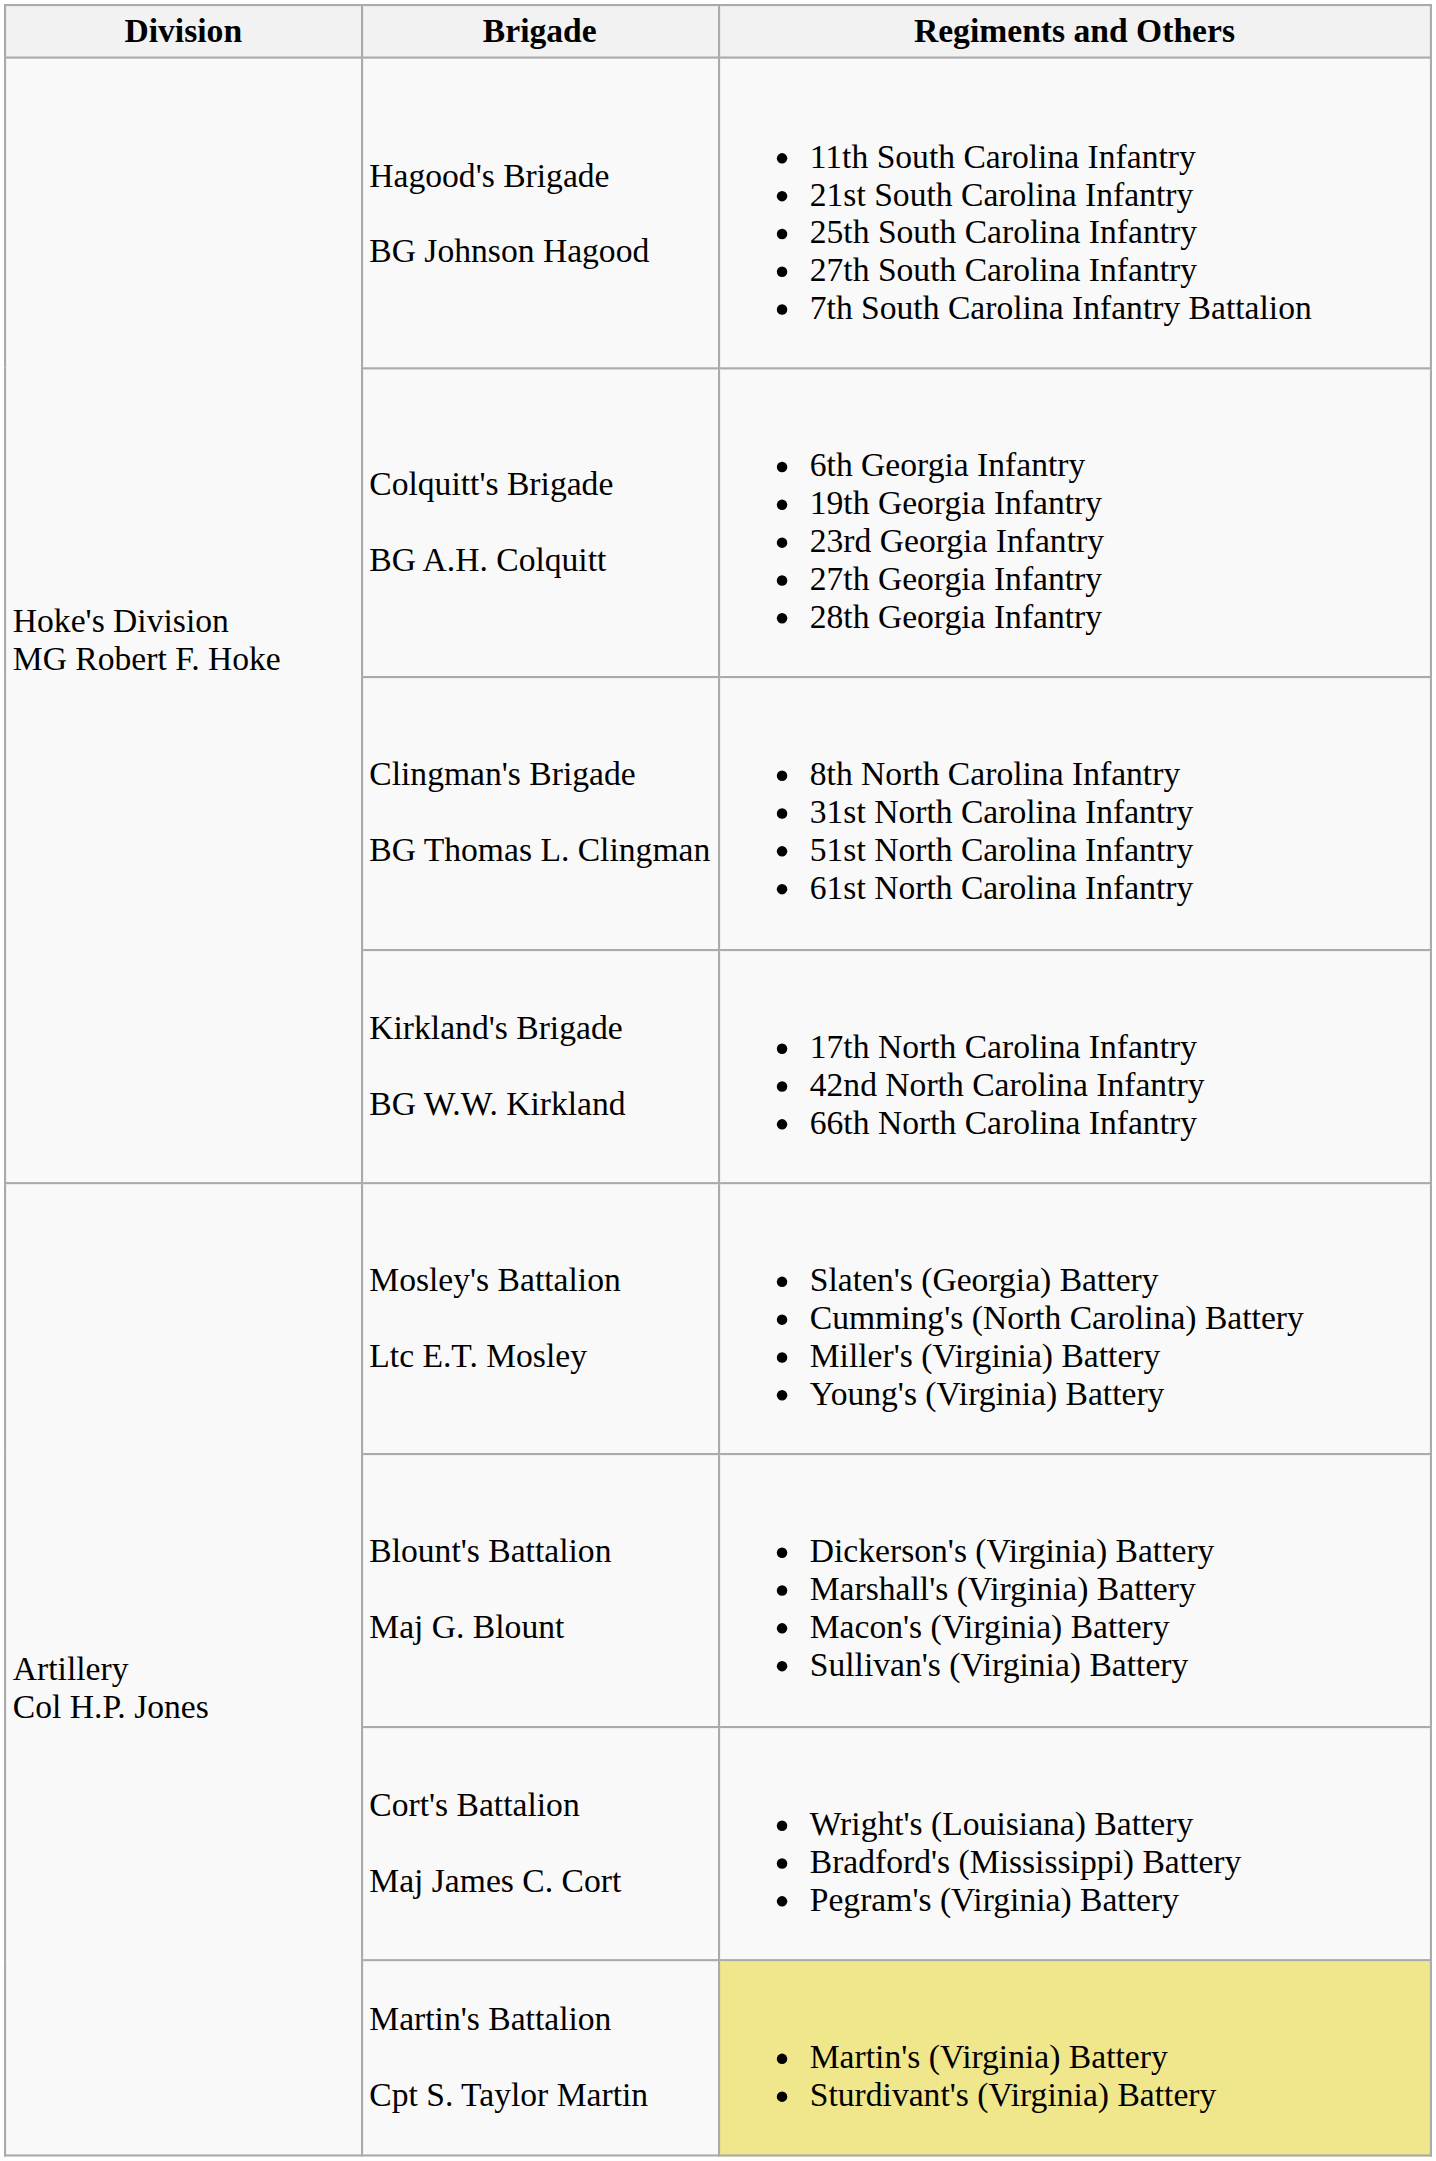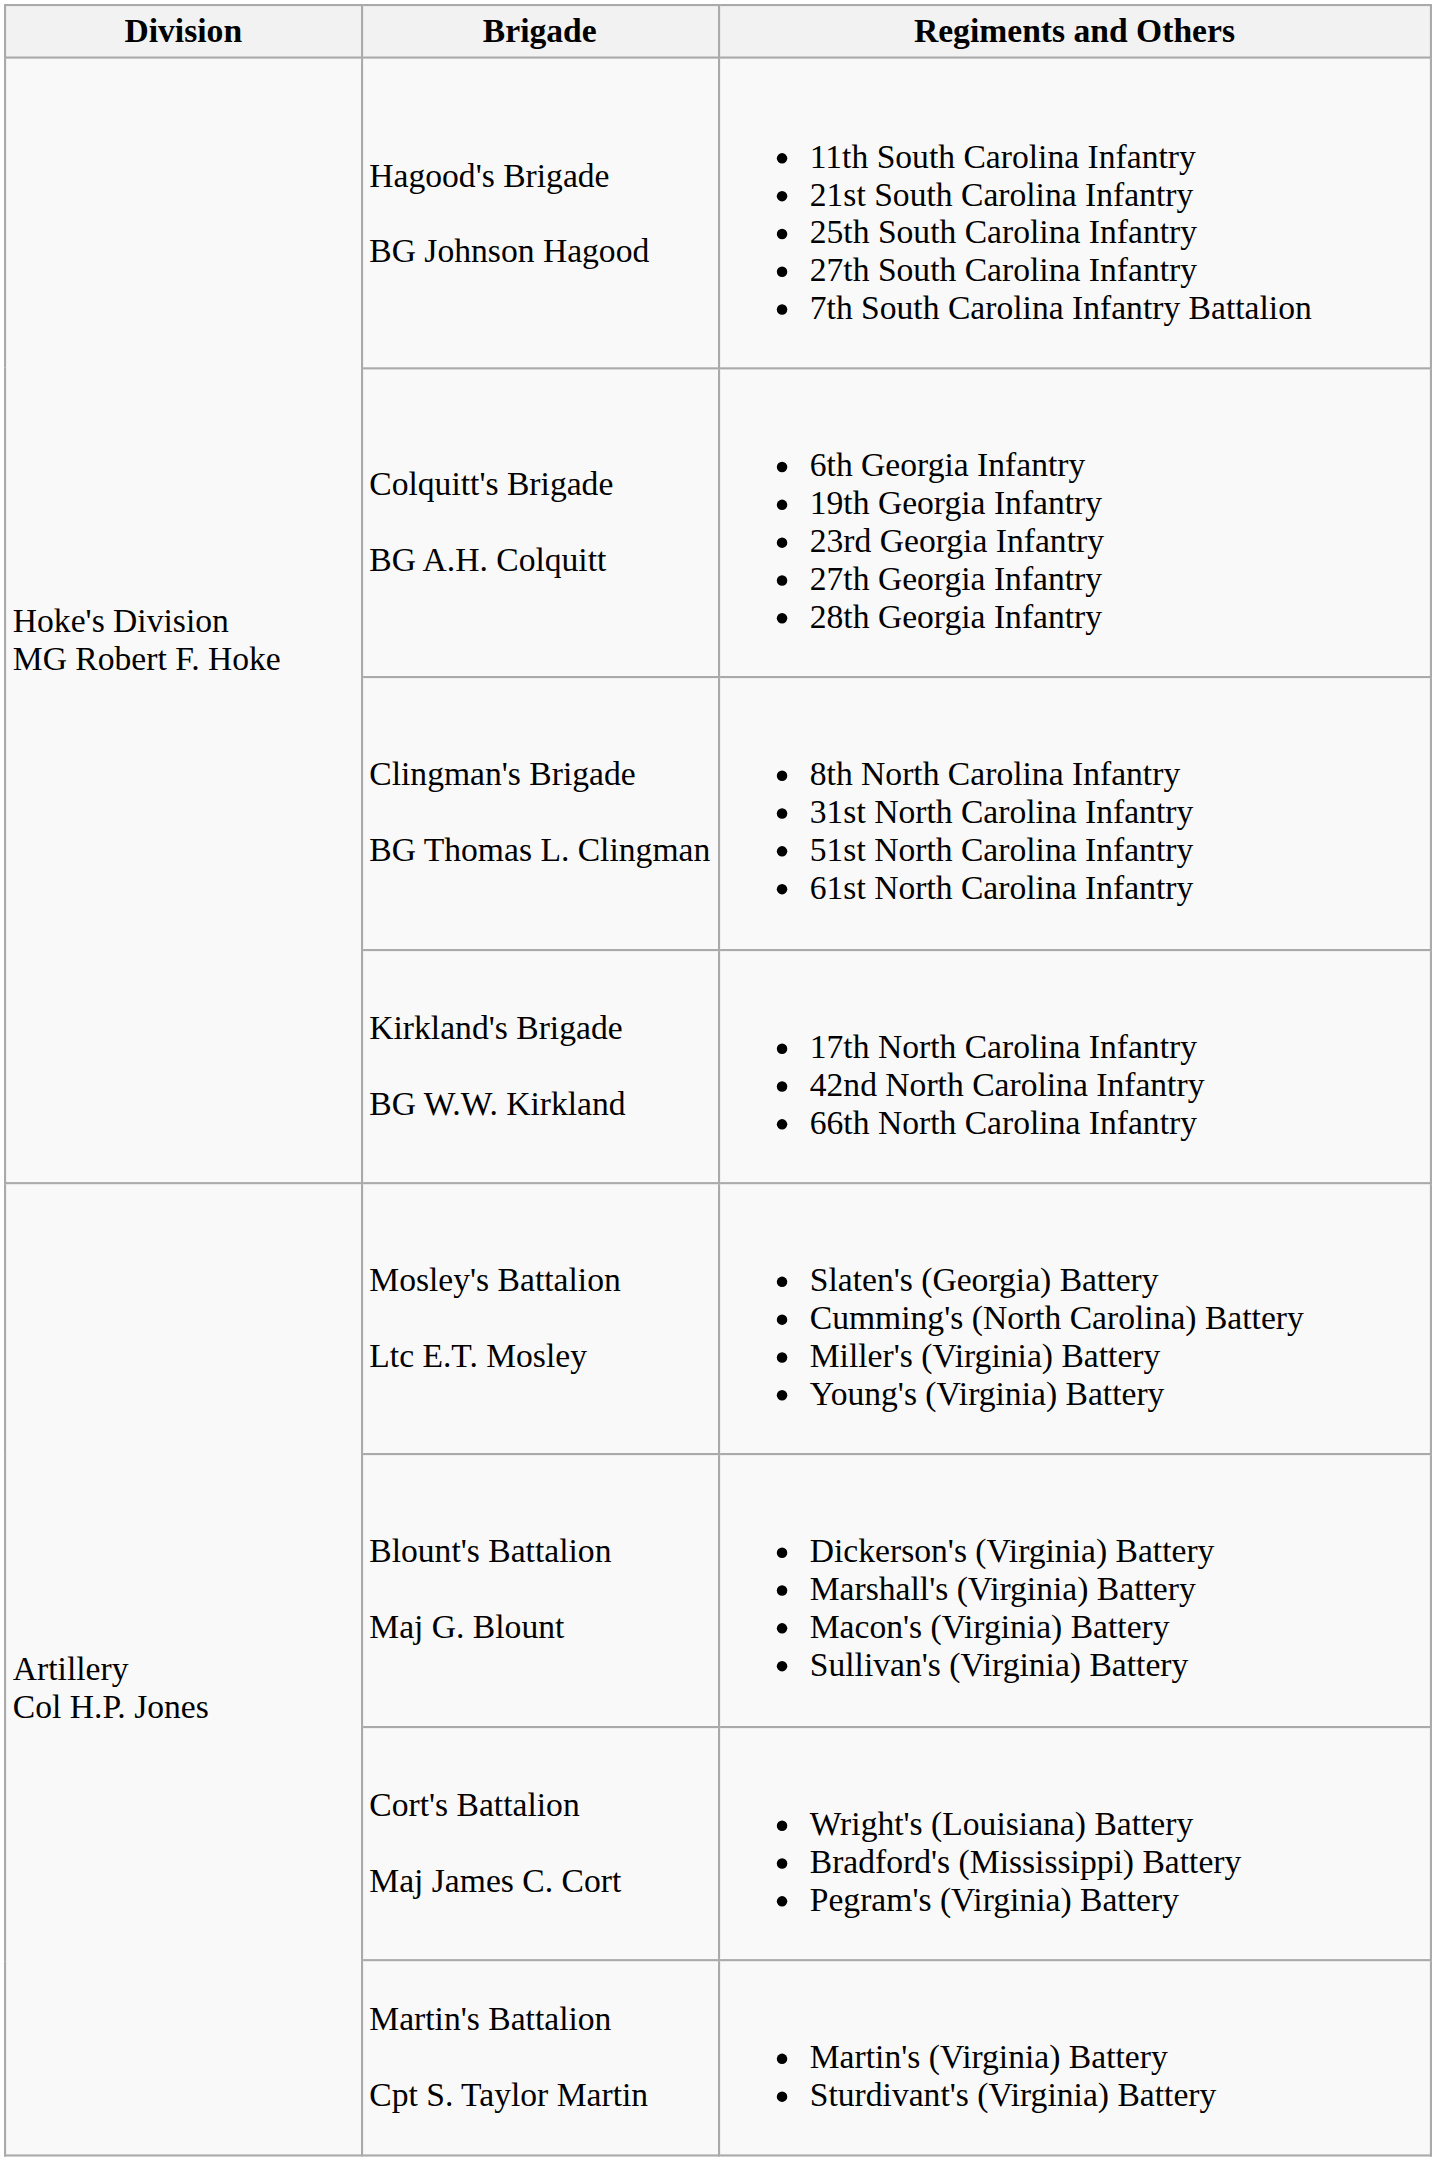 <table class="wikitable">
 <tr>
 <th style="width:25%;">Division</th>
 <th style="width:25%;">Brigade</th>
 <th>Regiments and Others</th>
 </tr>
 <tr>
 <td rowspan=4><br>Hoke's Division <br> MG Robert F. Hoke</td>
 <td>Hagood's Brigade<br><br> BG Johnson Hagood</td>
 <td><br><ul><li>11th South Carolina Infantry</li><li>21st South Carolina Infantry</li><li>25th South Carolina Infantry</li><li>27th South Carolina Infantry</li><li>7th South Carolina Infantry Battalion</li></ul></td>
 </tr>
 <tr>
 <td>Colquitt's Brigade<br><br> BG A.H. Colquitt</td>
 <td><br><ul><li>6th Georgia Infantry</li><li>19th Georgia Infantry</li><li>23rd Georgia Infantry</li><li>27th Georgia Infantry</li><li>28th Georgia Infantry</li></ul></td>
 </tr>
 <tr>
 <td>Clingman's Brigade<br><br> BG Thomas L. Clingman</td>
 <td><br><ul><li>8th North Carolina Infantry</li><li>31st North Carolina Infantry</li><li>51st North Carolina Infantry</li><li>61st North Carolina Infantry</li></ul></td>
 </tr>
 <tr>
 <td>Kirkland's Brigade<br><br> BG W.W. Kirkland</td>
 <td><br><ul><li>17th North Carolina Infantry</li><li>42nd North Carolina Infantry</li><li>66th North Carolina Infantry</li></ul></td>
 </tr>
 <tr>
 <td rowspan=4><br>Artillery <br> Col H.P. Jones</td>
 <td>Mosley's Battalion<br><br> Ltc E.T. Mosley</td>
 <td><br><ul><li>Slaten's (Georgia) Battery</li><li>Cumming's (North Carolina) Battery</li><li>Miller's (Virginia) Battery</li><li>Young's (Virginia) Battery</li></ul></td>
 </tr>
 <tr>
 <td>Blount's Battalion<br><br> Maj G. Blount</td>
 <td><br><ul><li>Dickerson's (Virginia) Battery</li><li>Marshall's (Virginia) Battery</li><li>Macon's (Virginia) Battery</li><li>Sullivan's (Virginia) Battery</li></ul></td>
 </tr>
 <tr>
 <td>Cort's Battalion<br><br> Maj James C. Cort</td>
 <td><br><ul><li>Wright's (Louisiana) Battery</li><li>Bradford's (Mississippi) Battery</li><li>Pegram's (Virginia) Battery</li></ul></td>
 </tr>
 <tr>
 <td>Martin's Battalion<br><br> Cpt S. Taylor Martin</td>
-<td style="background: khaki;"><br><ul><li>Martin's (Virginia) Battery</li><li>Sturdivant's (Virginia) Battery</li></ul></td>
+<td><br><ul><li>Martin's (Virginia) Battery</li><li>Sturdivant's (Virginia) Battery</li></ul></td>
 </tr>
 </table>
